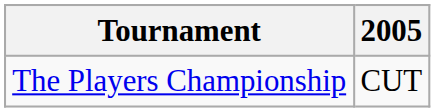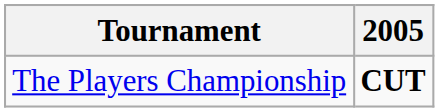 <table class="wikitable" style="font-size:95%;text-align:center;">
 <tr>
 <th>Tournament</th>
 <th>2005</th>
 </tr>
 <tr>
 <td align=left><a href='#'>The Players Championship</a></td>
-<td>CUT</td>
+<td><strong>CUT</strong></td>
 </tr>
 </table>
